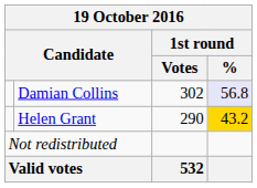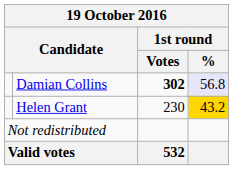 <table class="wikitable" style="min-width:250px">
 <tr>
 <th colspan="12">19 October 2016</th>
 </tr>
 <tr>
 <th colspan="2" rowspan="2">Candidate</th>
 <th colspan="2">1st round</th>
 </tr>
 <tr>
 <th>Votes</th>
 <th>%</th>
 </tr>
 <tr>
 <td style="color:inherit;background-color: "></td>
 <td><a href='#'>Damian Collins</a></td>
-<td align="right">302</td>
+<td align="right"><strong>302</strong></td>
 <td align="right" style="background: lavender;">56.8</td>
 </tr>
 <tr>
 <td style="color:inherit;background-color: "></td>
 <td><a href='#'>Helen Grant</a></td>
-<td align="right">290</td>
+<td align="right">230</td>
 <td align="right" style="background: gold;">43.2</td>
 </tr>
 <tr>
 <td colspan="2"><em>Not redistributed</em></td>
 <td align="right"></td>
 <td align="right"></td>
 </tr>
 <tr>
 <th style="text-align:left;" colspan="2"><strong>Valid votes</strong></th>
 <th style="text-align:right;">532</th>
 <th style="text-align:right;"></th>
 </tr>
 </table>
